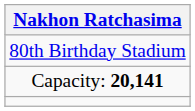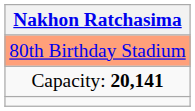 <table class="wikitable" style="text-align:center;margin:1em auto;">
 <tr>
 <th colspan="1"><a href='#'>Nakhon Ratchasima</a></th>
 </tr>
 <tr>
-<td><a href='#'>80th Birthday Stadium</a></td>
+<td style="background: lightsalmon;"><a href='#'>80th Birthday Stadium</a></td>
 </tr>
 <tr>
 <td>Capacity: <strong>20,141</strong></td>
 </tr>
 <tr>
 <td></td>
 </tr>
 </table>
